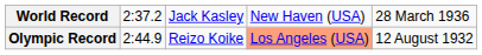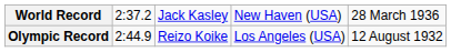 <table class="wikitable" style="font-size:95%;">
 <tr>
 <th>World Record</th>
 <td>2:37.2</td>
 <td> <a href='#'>Jack Kasley</a></td>
 <td><a href='#'>New Haven</a> (<a href='#'>USA</a>)</td>
 <td>28 March 1936</td>
 </tr>
 <tr>
 <th>Olympic Record</th>
 <td>2:44.9</td>
 <td> <a href='#'>Reizo Koike</a></td>
-<td style="background: lightsalmon;"><a href='#'>Los Angeles</a> (<a href='#'>USA</a>)</td>
+<td><a href='#'>Los Angeles</a> (<a href='#'>USA</a>)</td>
 <td>12 August 1932</td>
 </tr>
 </table>
